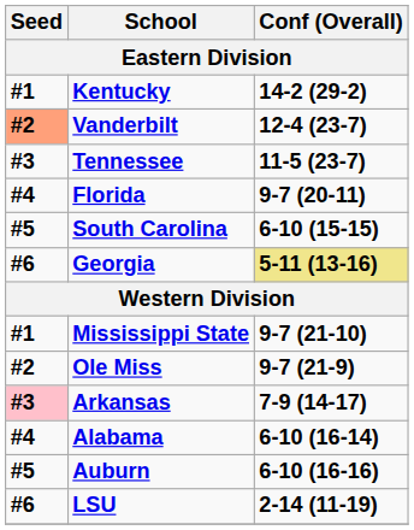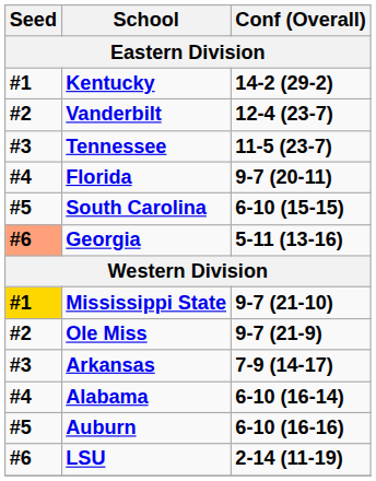 <table class="wikitable">
 <tr>
 <th>Seed</th>
 <th>School</th>
 <th>Conf (Overall)</th>
 </tr>
 <tr>
 <th colspan=5><strong>Eastern Division</strong></th>
 </tr>
 <tr>
 <td><strong>#1</strong></td>
 <td><strong><a href='#'>Kentucky</a></strong></td>
 <td><strong>14-2 (29-2)</strong></td>
 </tr>
 <tr>
-<td style="background: lightsalmon;"><strong>#2</strong></td>
+<td><strong>#2</strong></td>
 <td><strong><a href='#'>Vanderbilt</a></strong></td>
 <td><strong>12-4 (23-7)</strong></td>
 </tr>
 <tr>
 <td><strong>#3</strong></td>
 <td><strong><a href='#'>Tennessee</a></strong></td>
 <td><strong>11-5 (23-7)</strong></td>
 </tr>
 <tr>
 <td><strong>#4</strong></td>
 <td><strong><a href='#'>Florida</a></strong></td>
 <td><strong>9-7 (20-11)</strong></td>
 </tr>
 <tr>
 <td><strong>#5</strong></td>
 <td><strong><a href='#'>South Carolina</a></strong></td>
 <td><strong>6-10 (15-15)</strong></td>
 </tr>
 <tr>
-<td><strong>#6</strong></td>
+<td style="background: lightsalmon;"><strong>#6</strong></td>
 <td><strong><a href='#'>Georgia</a></strong></td>
-<td style="background: khaki;"><strong>5-11 (13-16)</strong></td>
+<td><strong>5-11 (13-16)</strong></td>
 </tr>
 <tr>
 <th colspan=5><strong>Western Division</strong></th>
 </tr>
 <tr>
-<td><strong>#1</strong></td>
+<td style="background: gold;"><strong>#1</strong></td>
 <td><strong><a href='#'>Mississippi State</a></strong></td>
 <td><strong>9-7 (21-10)</strong></td>
 </tr>
 <tr>
 <td><strong>#2</strong></td>
 <td><strong><a href='#'>Ole Miss</a></strong></td>
 <td><strong>9-7 (21-9)</strong></td>
 </tr>
 <tr>
-<td style="background: pink;"><strong>#3</strong></td>
+<td><strong>#3</strong></td>
 <td><strong><a href='#'>Arkansas</a></strong></td>
 <td><strong>7-9 (14-17)</strong></td>
 </tr>
 <tr>
 <td><strong>#4</strong></td>
 <td><strong><a href='#'>Alabama</a></strong></td>
 <td><strong>6-10 (16-14)</strong></td>
 </tr>
 <tr>
 <td><strong>#5</strong></td>
 <td><strong><a href='#'>Auburn</a></strong></td>
 <td><strong>6-10 (16-16)</strong></td>
 </tr>
 <tr>
 <td><strong>#6</strong></td>
 <td><strong><a href='#'>LSU</a></strong></td>
 <td><strong>2-14 (11-19)</strong></td>
 </tr>
 <tr>
 </tr>
 </table>
